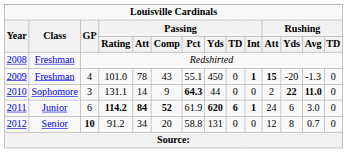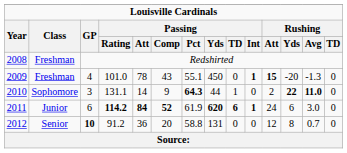 <table class="wikitable" style="text-align:center;">
 <tr>
 </tr>
 <tr align="center">
 </tr>
 <tr>
 <td ! colspan="14"><strong>Louisville Cardinals</strong></td>
 </tr>
 <tr>
 <th rowspan="2">Year</th>
 <th rowspan="2">Class</th>
 <th rowspan="2">GP</th>
 <th colspan="7">Passing</th>
 <th colspan="4">Rushing</th>
 </tr>
 <tr>
 <th>Rating</th>
 <th>Att</th>
 <th>Comp</th>
 <th>Pct</th>
 <th>Yds</th>
 <th>TD</th>
 <th>Int</th>
 <th>Att</th>
 <th>Yds</th>
 <th>Avg</th>
 <th>TD</th>
 </tr>
 <tr>
 <td><a href='#'>2008</a></td>
 <td><a href='#'>Freshman</a></td>
 <td colspan="12"><em> Redshirted</em></td>
 </tr>
 <tr>
 <td><a href='#'>2009</a></td>
 <td> <a href='#'>Freshman</a></td>
 <td>4</td>
 <td>101.0</td>
 <td>78</td>
 <td>43</td>
 <td>55.1</td>
 <td>450</td>
 <td>0</td>
 <td><strong>1</strong></td>
 <td><strong>15</strong></td>
 <td>-20</td>
 <td>-1.3</td>
 <td>0</td>
 </tr>
 <tr>
 <td><a href='#'>2010</a></td>
 <td> <a href='#'>Sophomore</a></td>
 <td>3</td>
 <td>131.1</td>
 <td>14</td>
 <td>9</td>
 <td><strong>64.3</strong></td>
 <td>44</td>
-<td>0</td>
+<td>1</td>
 <td>0</td>
 <td>2</td>
 <td><strong>22</strong></td>
 <td><strong>11.0</strong></td>
 <td>0</td>
 </tr>
 <tr>
 <td><a href='#'>2011</a></td>
 <td> <a href='#'>Junior</a></td>
 <td>6</td>
 <td><strong>114.2</strong></td>
 <td><strong>84</strong></td>
 <td><strong>52</strong></td>
 <td>61.9</td>
 <td><strong>620</strong></td>
 <td><strong>6</strong></td>
 <td><strong>1</strong></td>
 <td>24</td>
 <td>6</td>
 <td>3.0</td>
 <td>0</td>
 </tr>
 <tr>
 <td><a href='#'>2012</a></td>
 <td> <a href='#'>Senior</a></td>
 <td><strong>10</strong></td>
 <td>91.2</td>
-<td>34</td>
+<td>36</td>
 <td>20</td>
 <td>58.8</td>
 <td>131</td>
 <td>0</td>
 <td>0</td>
 <td>12</td>
 <td>8</td>
 <td>0.7</td>
 <td>0</td>
 </tr>
 <tr>
 <th colspan="18">Source:</th>
 </tr>
 </table>
